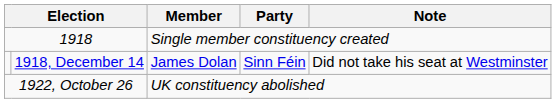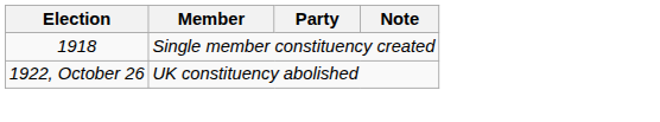 <table class="wikitable">
 <tr>
 <th colspan="2">Election</th>
 <th>Member</th>
 <th>Party</th>
 <th>Note</th>
 </tr>
 <tr>
 <td colspan="2" align="center"><em>1918</em></td>
 <td colspan="3"><em>Single member constituency created</em></td>
 </tr>
 <tr>
-<td style="color:inherit;background-color: "></td>
-<td><a href='#'>1918, December 14</a></td>
-<td><a href='#'>James Dolan</a></td>
-<td><a href='#'>Sinn Féin</a></td>
-<td>Did not take his seat at <a href='#'>Westminster</a></td>
-</tr>
-<tr>
 <td colspan="2" align="center"><em>1922, October 26</em></td>
 <td colspan="3"><em>UK constituency abolished</em></td>
 </tr>
 </table>
